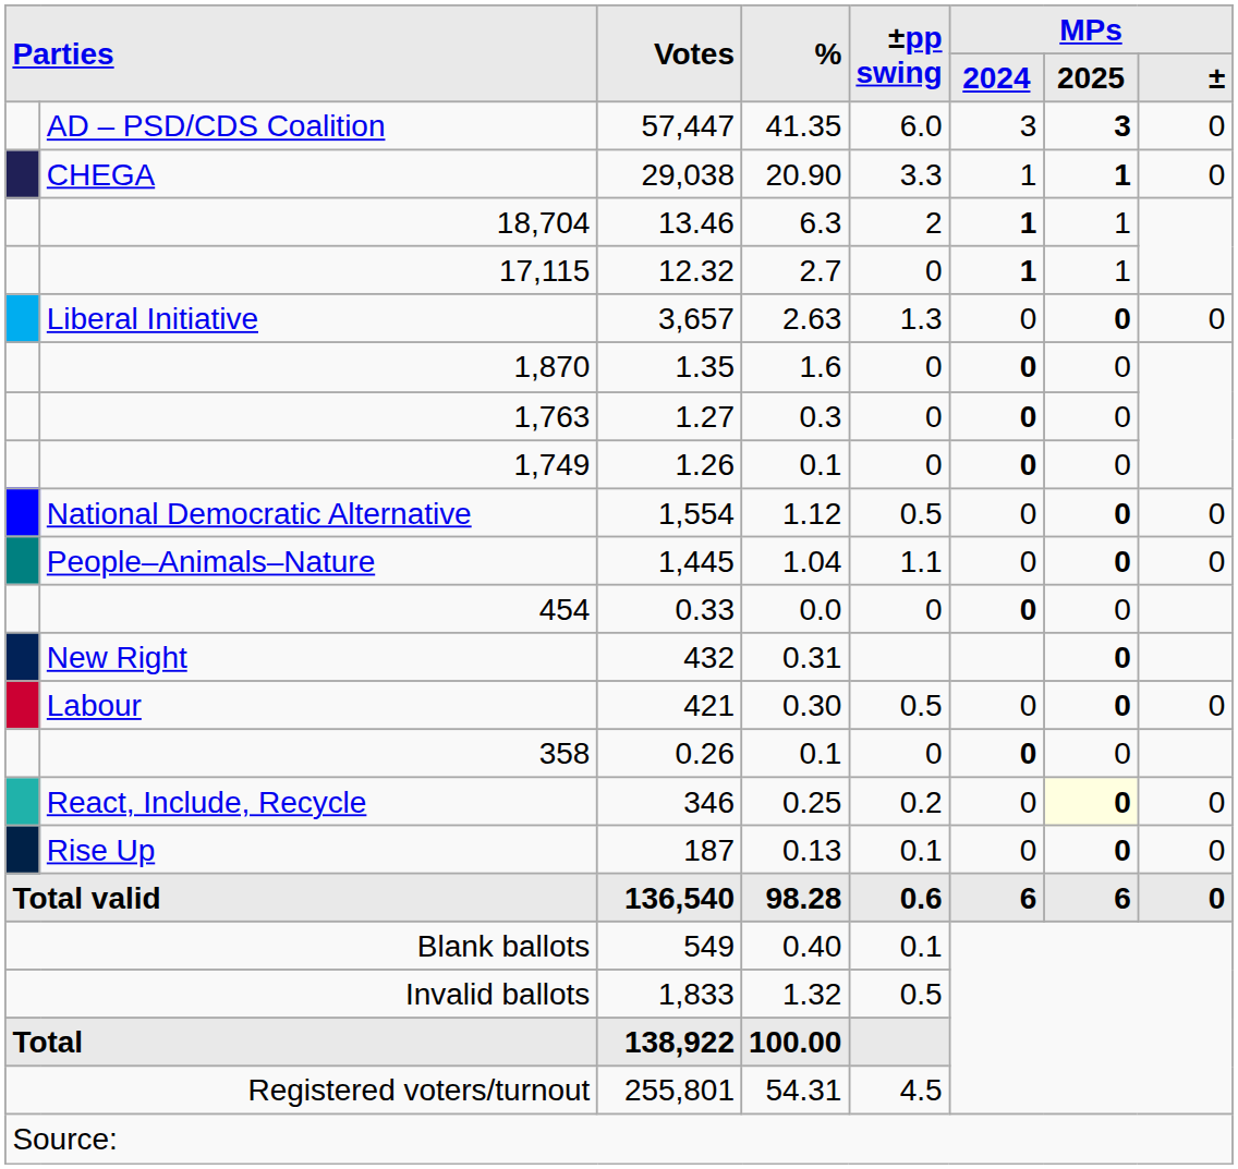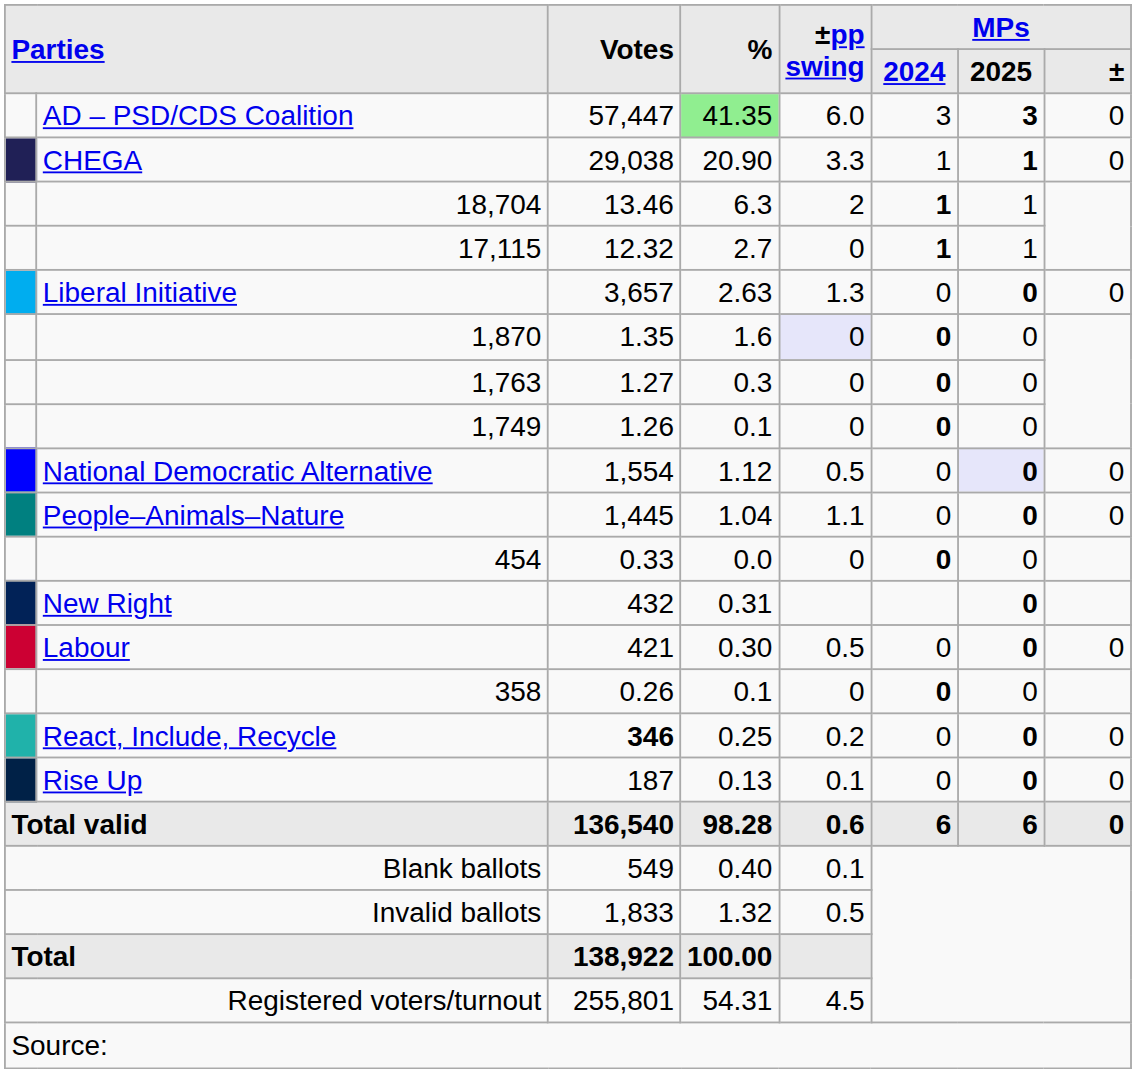 <table class="wikitable" style="text-align:right; font-size:95%;">
 <tr>
 <th rowspan="2" colspan="2" style="background:#e9e9e9; text-align:left;" alignleft><a href='#'>Parties</a></th>
 <th rowspan="2" style="background:#e9e9e9; text-align:right;">Votes</th>
 <th rowspan="2" style="background:#e9e9e9; text-align:right;">%</th>
 <th rowspan="2" style="background:#e9e9e9; text-align:right;">±<a href='#'>pp</a> <a href='#'>swing</a></th>
 <th colspan="3" style="background:#e9e9e9; text-align:center;"><a href='#'>MPs</a></th>
 </tr>
 <tr style="background-color:#E9E9E9">
 <th style="background-color:#E9E9E9;text-align:center;"><a href='#'>2024</a></th>
 <th style="background-color:#E9E9E9;text-align:center;">2025</th>
 <th style="background:#e9e9e9; text-align:right;">±</th>
 </tr>
 <tr>
 <td style="width: 10px" bgcolor=></td>
 <td align="left"><a href='#'>AD – PSD/CDS Coalition</a> </td>
 <td>57,447</td>
-<td>41.35</td>
+<td style="background: lightgreen;">41.35</td>
 <td>6.0</td>
 <td>3</td>
 <td><strong>3</strong></td>
 <td>0</td>
 </tr>
 <tr>
 <td style="width: 10px" bgcolor="#202056" align="center"></td>
 <td align="left"><a href='#'>CHEGA</a></td>
 <td>29,038</td>
 <td>20.90</td>
 <td>3.3</td>
 <td>1</td>
 <td><strong>1</strong></td>
 <td>0</td>
 </tr>
 <tr>
 <td></td>
 <td>18,704</td>
 <td>13.46</td>
 <td>6.3</td>
 <td>2</td>
 <td><strong>1</strong></td>
 <td>1</td>
 </tr>
 <tr>
 <td></td>
 <td>17,115</td>
 <td>12.32</td>
 <td>2.7</td>
 <td>0</td>
 <td><strong>1</strong></td>
 <td>1</td>
 </tr>
 <tr>
 <td style="width: 10px" bgcolor="#00ADEF" align="center"></td>
 <td align="left"><a href='#'>Liberal Initiative</a></td>
 <td>3,657</td>
 <td>2.63</td>
 <td>1.3</td>
 <td>0</td>
 <td><strong>0</strong></td>
 <td>0</td>
 </tr>
 <tr>
 <td></td>
 <td>1,870</td>
 <td>1.35</td>
 <td>1.6</td>
-<td>0</td>
+<td style="background: lavender;">0</td>
 <td><strong>0</strong></td>
 <td>0</td>
 </tr>
 <tr>
 <td></td>
 <td>1,763</td>
 <td>1.27</td>
 <td>0.3</td>
 <td>0</td>
 <td><strong>0</strong></td>
 <td>0</td>
 </tr>
 <tr>
 <td></td>
 <td>1,749</td>
 <td>1.26</td>
 <td>0.1</td>
 <td>0</td>
 <td><strong>0</strong></td>
 <td>0</td>
 </tr>
 <tr>
 <td style="width: 10px" bgcolor="blue" align="center"></td>
 <td align="left"><a href='#'>National Democratic Alternative</a></td>
 <td>1,554</td>
 <td>1.12</td>
 <td>0.5</td>
 <td>0</td>
-<td><strong>0</strong></td>
+<td style="background: lavender;"><strong>0</strong></td>
 <td>0</td>
 </tr>
 <tr>
 <td style="width: 10px" bgcolor="teal" align="center"></td>
 <td align="left"><a href='#'>People–Animals–Nature</a></td>
 <td>1,445</td>
 <td>1.04</td>
 <td>1.1</td>
 <td>0</td>
 <td><strong>0</strong></td>
 <td>0</td>
 </tr>
 <tr>
 <td></td>
 <td>454</td>
 <td>0.33</td>
 <td>0.0</td>
 <td>0</td>
 <td><strong>0</strong></td>
 <td>0</td>
 </tr>
 <tr>
 <td style="width: 10px" bgcolor="#012257" align="center"></td>
 <td align="left"><a href='#'>New Right</a></td>
 <td>432</td>
 <td>0.31</td>
 <td></td>
 <td></td>
 <td><strong>0</strong></td>
 <td></td>
 </tr>
 <tr>
 <td style="width: 10px" bgcolor="#CC0033" align="center"></td>
 <td align="left"><a href='#'>Labour</a></td>
 <td>421</td>
 <td>0.30</td>
 <td>0.5</td>
 <td>0</td>
 <td><strong>0</strong></td>
 <td>0</td>
 </tr>
 <tr>
 <td></td>
 <td>358</td>
 <td>0.26</td>
 <td>0.1</td>
 <td>0</td>
 <td><strong>0</strong></td>
 <td>0</td>
 </tr>
 <tr>
 <td style="width: 10px" bgcolor="LightSeaGreen" align="center"></td>
 <td align="left"><a href='#'>React, Include, Recycle</a></td>
-<td>346</td>
+<td><strong>346</strong></td>
 <td>0.25</td>
 <td>0.2</td>
 <td>0</td>
-<td style="background: lightyellow;"><strong>0</strong></td>
+<td><strong>0</strong></td>
 <td>0</td>
 </tr>
 <tr>
 <td style="width: 10px" bgcolor="#002147" align="center"></td>
 <td align="left"><a href='#'>Rise Up</a></td>
 <td>187</td>
 <td>0.13</td>
 <td>0.1</td>
 <td>0</td>
 <td><strong>0</strong></td>
 <td>0</td>
 </tr>
 <tr>
 <td colspan=2 width="288" align=left style="background-color:#E9E9E9"><strong>Total valid</strong></td>
 <td width="65" align="right" style="background-color:#E9E9E9"><strong>136,540</strong></td>
 <td width="40" align="right" style="background-color:#E9E9E9"><strong>98.28</strong></td>
 <td width="40" align="right" style="background-color:#E9E9E9"><strong>0.6</strong></td>
 <td width="40" align="right" style="background-color:#E9E9E9"><strong>6</strong></td>
 <td width="40" align="right" style="background-color:#E9E9E9"><strong>6</strong></td>
 <td width="40" align="right" style="background-color:#E9E9E9"><strong>0</strong></td>
 </tr>
 <tr>
 <td colspan=2>Blank ballots</td>
 <td>549</td>
 <td>0.40</td>
 <td>0.1</td>
 <td colspan=3 rowspan=4></td>
 </tr>
 <tr>
 <td colspan=2>Invalid ballots</td>
 <td>1,833</td>
 <td>1.32</td>
 <td>0.5</td>
 </tr>
 <tr>
 <td colspan=2 align=left style="background-color:#E9E9E9"><strong>Total</strong></td>
 <td width="50" align="right" style="background-color:#E9E9E9"><strong>138,922</strong></td>
 <td width="40" align="right" style="background-color:#E9E9E9"><strong>100.00</strong></td>
 <td width="40" align="right" style="background-color:#E9E9E9"></td>
 </tr>
 <tr>
 <td colspan=2>Registered voters/turnout</td>
 <td>255,801</td>
 <td>54.31</td>
 <td>4.5</td>
 </tr>
 <tr>
 <td colspan=8 align=left>Source: </td>
 </tr>
 </table>
